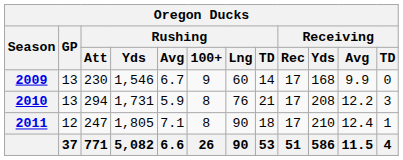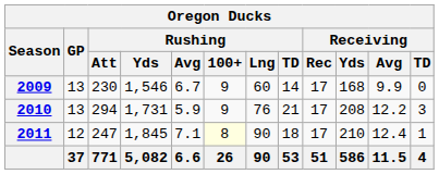 <table class=wikitable style="text-align:center;">
 <tr>
 <th colspan="16">Oregon Ducks</th>
 </tr>
 <tr>
 <th rowspan="2">Season</th>
 <th rowspan="2">GP</th>
 <th colspan="6">Rushing</th>
 <th colspan="4">Receiving</th>
 </tr>
 <tr>
 <th>Att</th>
 <th>Yds</th>
 <th>Avg</th>
 <th>100+</th>
 <th>Lng</th>
 <th>TD</th>
 <th>Rec</th>
 <th>Yds</th>
 <th>Avg</th>
 <th>TD</th>
 </tr>
 <tr>
 <th><a href='#'>2009</a></th>
 <td>13</td>
 <td>230</td>
 <td>1,546</td>
 <td>6.7</td>
 <td>9</td>
 <td>60</td>
 <td>14</td>
 <td>17</td>
 <td>168</td>
 <td>9.9</td>
 <td>0</td>
 </tr>
 <tr>
 <th><a href='#'>2010</a></th>
 <td>13</td>
 <td>294</td>
 <td>1,731</td>
 <td>5.9</td>
-<td>8</td>
+<td>9</td>
 <td>76</td>
 <td>21</td>
 <td>17</td>
 <td>208</td>
 <td>12.2</td>
 <td>3</td>
 </tr>
 <tr>
 <th><a href='#'>2011</a></th>
 <td>12</td>
 <td>247</td>
-<td>1,805</td>
+<td>1,845</td>
 <td>7.1</td>
-<td>8</td>
+<td style="background: lightyellow;">8</td>
 <td>90</td>
 <td>18</td>
 <td>17</td>
 <td>210</td>
 <td>12.4</td>
 <td>1</td>
 </tr>
 <tr>
 <th></th>
 <th>37</th>
 <th>771</th>
 <th>5,082</th>
 <th>6.6</th>
 <th>26</th>
 <th>90</th>
 <th>53</th>
 <th>51</th>
 <th>586</th>
 <th>11.5</th>
 <th>4</th>
 </tr>
 </table>
